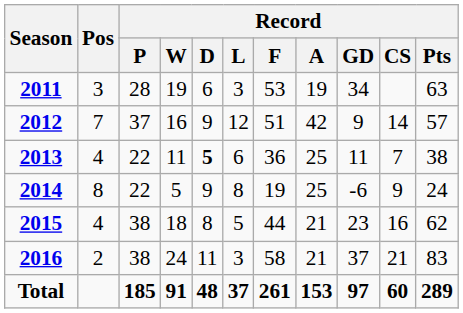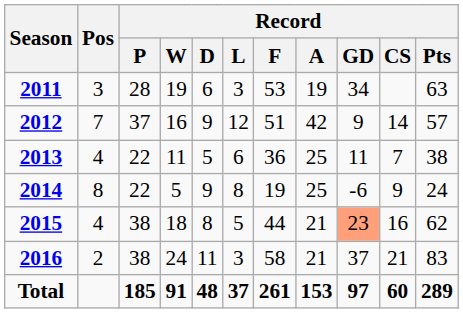 <table Class="wikitable" style="text-align: center;">
 <tr>
 <th rowspan="2">Season</th>
 <th rowspan="2">Pos</th>
 <th colspan="9">Record</th>
 </tr>
 <tr>
 <th>P</th>
 <th>W</th>
 <th>D</th>
 <th>L</th>
 <th>F</th>
 <th>A</th>
 <th>GD</th>
 <th>CS</th>
 <th>Pts</th>
 </tr>
 <tr>
 <td><strong><a href='#'>2011</a></strong></td>
 <td>3</td>
 <td>28</td>
 <td>19</td>
 <td>6</td>
 <td>3</td>
 <td>53</td>
 <td>19</td>
 <td>34</td>
 <td></td>
 <td>63</td>
 </tr>
 <tr>
 <td><strong><a href='#'>2012</a></strong></td>
 <td>7</td>
 <td>37</td>
 <td>16</td>
 <td>9</td>
 <td>12</td>
 <td>51</td>
 <td>42</td>
 <td>9</td>
 <td>14</td>
 <td>57</td>
 </tr>
 <tr>
 <td><strong><a href='#'>2013</a></strong></td>
 <td>4</td>
 <td>22</td>
 <td>11</td>
-<td><strong>5</strong></td>
+<td>5</td>
 <td>6</td>
 <td>36</td>
 <td>25</td>
 <td>11</td>
 <td>7</td>
 <td>38</td>
 </tr>
 <tr>
 <td><strong><a href='#'>2014</a></strong></td>
 <td>8</td>
 <td>22</td>
 <td>5</td>
 <td>9</td>
 <td>8</td>
 <td>19</td>
 <td>25</td>
 <td>-6</td>
 <td>9</td>
 <td>24</td>
 </tr>
 <tr>
 <td><strong><a href='#'>2015</a></strong></td>
 <td>4</td>
 <td>38</td>
 <td>18</td>
 <td>8</td>
 <td>5</td>
 <td>44</td>
 <td>21</td>
-<td>23</td>
+<td style="background: lightsalmon;">23</td>
 <td>16</td>
 <td>62</td>
 </tr>
 <tr>
 <td><strong><a href='#'>2016</a></strong></td>
 <td>2</td>
 <td>38</td>
 <td>24</td>
 <td>11</td>
 <td>3</td>
 <td>58</td>
 <td>21</td>
 <td>37</td>
 <td>21</td>
 <td>83</td>
 </tr>
 <tr>
 <td><strong>Total</strong></td>
 <td></td>
 <td><strong>185</strong></td>
 <td><strong>91</strong></td>
 <td><strong>48</strong></td>
 <td><strong>37</strong></td>
 <td><strong>261</strong></td>
 <td><strong>153</strong></td>
 <td><strong>97</strong></td>
 <td><strong>60</strong></td>
 <td><strong>289</strong></td>
 </tr>
 </table>
